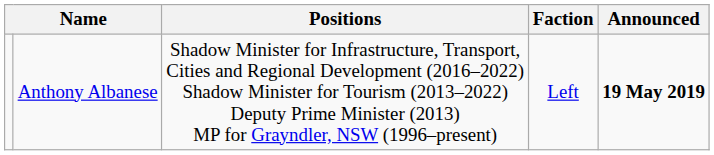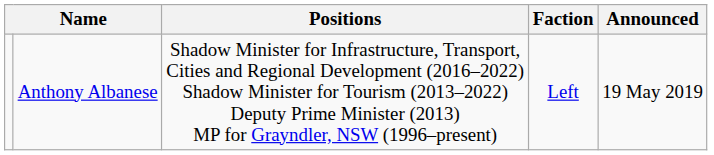 <table class="wikitable sortable" style="text-align:center">
 <tr>
 <th colspan=2>Name<br></th>
 <th>Positions</th>
 <th>Faction</th>
 <th>Announced</th>
 </tr>
 <tr>
 <td></td>
 <td><a href='#'>Anthony Albanese</a><br></td>
 <td>Shadow Minister for Infrastructure, Transport,<br>Cities and Regional Development (2016–2022)<br>Shadow Minister for Tourism (2013–2022)<br>Deputy Prime Minister (2013)<br>MP for <a href='#'>Grayndler, NSW</a> (1996–present)</td>
 <td><a href='#'>Left</a></td>
-<td><strong>19 May 2019</strong></td>
+<td>19 May 2019</td>
 </tr>
 </table>
